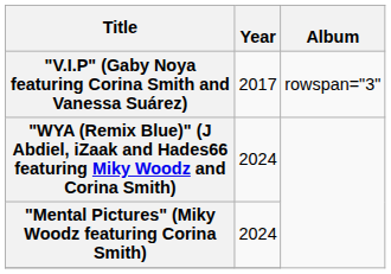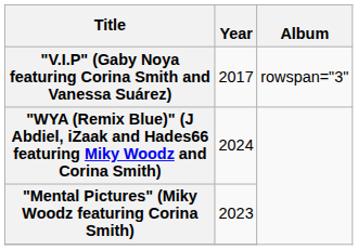 <table class="wikitable plainrowheaders" style="text-align:center;">
 <tr>
 <th scope="col" rowspan="1" style="width:13em;">Title</th>
 <th scope="col" rowspan="1"><br>Year</th>
 <th scope="col" rowspan="1"><br>Album</th>
 </tr>
 <tr>
 <th scope="row">"V.I.P" (Gaby Noya featuring Corina Smith and Vanessa Suárez)</th>
 <td rowspan="1">2017</td>
 <td>rowspan="3" </td>
 </tr>
 <tr>
 <th scope="row">"WYA (Remix Blue)" (J Abdiel, iZaak and Hades66 featuring <a href='#'>Miky Woodz</a> and Corina Smith)</th>
 <td>2024</td>
 </tr>
 <tr>
 <th scope="row">"Mental Pictures" (Miky Woodz featuring Corina Smith)</th>
-<td>2024</td>
+<td>2023</td>
 </tr>
 <tr>
 </tr>
 </table>
